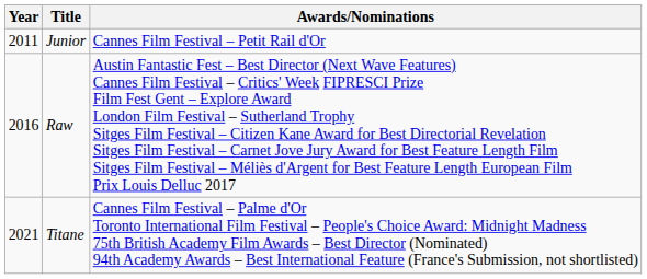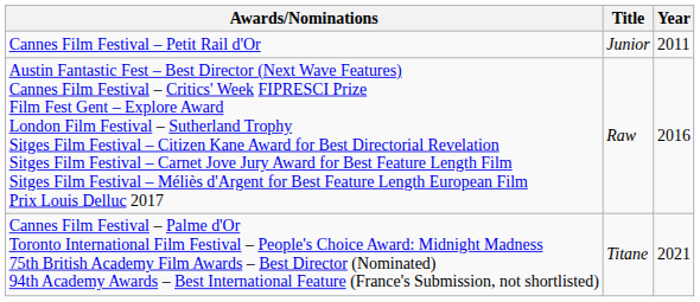 <table class="wikitable">
 <tr>
+<th>Awards/Nominations</th>
+<th>Title</th>
 <th>Year</th>
-<th>Title</th>
-<th>Awards/Nominations</th>
 </tr>
 <tr>
+<td><a href='#'>Cannes Film Festival – Petit Rail d'Or</a></td>
+<td><em>Junior</em></td>
 <td>2011</td>
-<td><em>Junior</em></td>
-<td><a href='#'>Cannes Film Festival – Petit Rail d'Or</a></td>
 </tr>
 <tr>
+<td><a href='#'>Austin Fantastic Fest – Best Director (Next Wave Features)</a><br><a href='#'>Cannes Film Festival</a> – <a href='#'>Critics' Week</a> <a href='#'>FIPRESCI Prize</a><br><a href='#'>Film Fest Gent – Explore Award</a><br><a href='#'>London Film Festival</a> – <a href='#'>Sutherland Trophy</a><br><a href='#'>Sitges Film Festival – Citizen Kane Award for Best Directorial Revelation</a><br><a href='#'>Sitges Film Festival – Carnet Jove Jury Award for Best Feature Length Film</a><br><a href='#'>Sitges Film Festival – Méliès d'Argent for Best Feature Length European Film</a><br><a href='#'>Prix Louis Delluc</a> 2017</td>
+<td><em>Raw</em></td>
 <td>2016</td>
-<td><em>Raw</em></td>
-<td><a href='#'>Austin Fantastic Fest – Best Director (Next Wave Features)</a><br><a href='#'>Cannes Film Festival</a> – <a href='#'>Critics' Week</a> <a href='#'>FIPRESCI Prize</a><br><a href='#'>Film Fest Gent – Explore Award</a><br><a href='#'>London Film Festival</a> – <a href='#'>Sutherland Trophy</a><br><a href='#'>Sitges Film Festival – Citizen Kane Award for Best Directorial Revelation</a><br><a href='#'>Sitges Film Festival – Carnet Jove Jury Award for Best Feature Length Film</a><br><a href='#'>Sitges Film Festival – Méliès d'Argent for Best Feature Length European Film</a><br><a href='#'>Prix Louis Delluc</a> 2017</td>
 </tr>
 <tr>
+<td><a href='#'>Cannes Film Festival</a> – <a href='#'>Palme d'Or</a><br><a href='#'>Toronto International Film Festival</a> – <a href='#'>People's Choice Award: Midnight Madness</a><br><a href='#'>75th British Academy Film Awards</a> – <a href='#'>Best Director</a> (Nominated)<br><a href='#'>94th Academy Awards</a> – <a href='#'>Best International Feature</a> (France's Submission, not shortlisted)</td>
+<td><em>Titane</em></td>
 <td>2021</td>
-<td><em>Titane</em></td>
-<td><a href='#'>Cannes Film Festival</a> – <a href='#'>Palme d'Or</a><br><a href='#'>Toronto International Film Festival</a> – <a href='#'>People's Choice Award: Midnight Madness</a><br><a href='#'>75th British Academy Film Awards</a> – <a href='#'>Best Director</a> (Nominated)<br><a href='#'>94th Academy Awards</a> – <a href='#'>Best International Feature</a> (France's Submission, not shortlisted)</td>
 </tr>
 </table>
